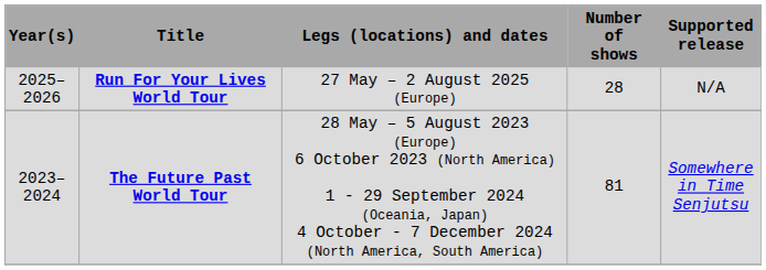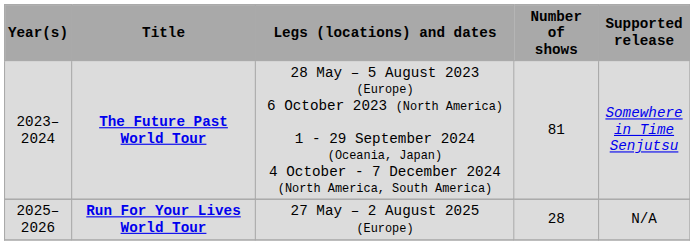 <table class="wikitable" style="width:100%; text-align:center;">
 <tr>
 <th style="width:40px; background:darkGrey;">Year(s)</th>
 <th style="width:210px; background:darkGrey;">Title</th>
 <th style="width:290px; background:darkGrey;">Legs (locations) and dates</th>
 <th style="width:80px; background:darkGrey;">Number of<br>shows<br></th>
 <th style="width:80px; background:darkGrey;">Supported release</th>
+</tr>
+<tr style="background:#DCDCDC;">
+<td>2023–2024</td>
+<td><strong><a href='#'>The Future Past World Tour</a></strong></td>
+<td>28 May – 5 August 2023 <small>(Europe)</small><br>6 October 2023 <small>(North America)</small><br><br>1 - 29  September 2024 <small>(Oceania, Japan)</small><br> 4 October - 7 December 2024 <small>(North America, South America)</small><br></td>
+<td>81</td>
+<td><em><a href='#'>Somewhere in Time</a></em><br><em><a href='#'>Senjutsu</a></em></td>
+</tr>
+<tr>
 </tr>
 <tr style="background:#DCDCDC;">
 <td>2025–2026</td>
 <td><strong><a href='#'>Run For Your Lives World Tour</a></strong></td>
 <td>27 May – 2 August 2025 <small>(Europe)</small></td>
 <td>28</td>
 <td>N/A</td>
 </tr>
 <tr>
 </tr>
-<tr style="background:#DCDCDC;">
-<td>2023–2024</td>
-<td><strong><a href='#'>The Future Past World Tour</a></strong></td>
-<td>28 May – 5 August 2023 <small>(Europe)</small><br>6 October 2023 <small>(North America)</small><br><br>1 - 29  September 2024 <small>(Oceania, Japan)</small><br> 4 October - 7 December 2024 <small>(North America, South America)</small><br></td>
-<td>81</td>
-<td><em><a href='#'>Somewhere in Time</a></em><br><em><a href='#'>Senjutsu</a></em></td>
-</tr>
-<tr>
-</tr>
 </table>
